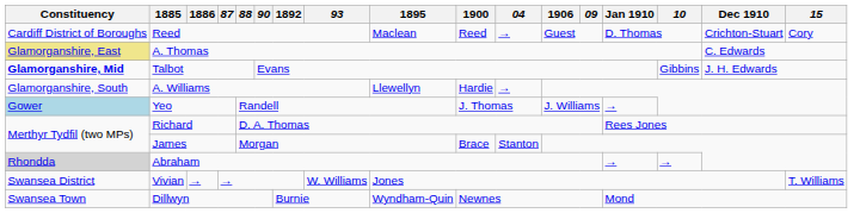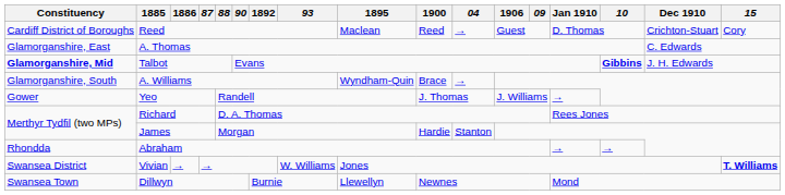 <table class="wikitable">
 <tr>
 <th>Constituency</th>
 <th>1885</th>
 <th>1886</th>
 <th><em>87</em></th>
 <th><em>88</em></th>
 <th><em>90</em></th>
 <th>1892</th>
 <th><em>93</em></th>
 <th>1895</th>
 <th>1900</th>
 <th><em>04</em></th>
 <th>1906</th>
 <th><em>09</em></th>
 <th>Jan 1910</th>
 <th><em>10</em></th>
 <th>Dec 1910</th>
 <th><em>15</em></th>
 </tr>
 <tr>
 <td><a href='#'>Cardiff District of Boroughs</a></td>
 <td colspan="7"><a href='#'>Reed</a></td>
 <td><a href='#'>Maclean</a></td>
 <td><a href='#'>Reed</a></td>
 <td><a href='#'>→</a></td>
 <td colspan="2"><a href='#'>Guest</a></td>
 <td colspan="2"><a href='#'>D. Thomas</a></td>
 <td><a href='#'>Crichton-Stuart</a></td>
 <td><a href='#'>Cory</a></td>
 </tr>
 <tr>
-<td style="background: khaki;"><a href='#'>Glamorganshire, East</a></td>
+<td><a href='#'>Glamorganshire, East</a></td>
 <td colspan="14"><a href='#'>A. Thomas</a></td>
 <td colspan="2"><a href='#'>C. Edwards</a></td>
 </tr>
 <tr>
 <td><strong><a href='#'>Glamorganshire, Mid</a></strong></td>
 <td colspan="4"><a href='#'>Talbot</a></td>
 <td colspan="9"><a href='#'>Evans</a></td>
-<td><a href='#'>Gibbins</a></td>
+<td><strong><a href='#'>Gibbins</a></strong></td>
 <td colspan="2"><a href='#'>J. H. Edwards</a></td>
 </tr>
 <tr>
 <td><a href='#'>Glamorganshire, South</a></td>
 <td colspan="7"><a href='#'>A. Williams</a></td>
-<td><a href='#'>Llewellyn</a></td>
-<td><a href='#'>Hardie</a></td>
+<td><a href='#'>Wyndham-Quin</a></td>
+<td><a href='#'>Brace</a></td>
 <td><a href='#'>→</a></td>
 </tr>
 <tr>
-<td style="background: lightblue;"><a href='#'>Gower</a></td>
+<td><a href='#'>Gower</a></td>
 <td colspan="3"><a href='#'>Yeo</a></td>
 <td colspan="5"><a href='#'>Randell</a></td>
 <td colspan="2"><a href='#'>J. Thomas</a></td>
 <td colspan="2"><a href='#'>J. Williams</a></td>
 <td><a href='#'>→</a></td>
 </tr>
 <tr>
 <td rowspan="2"><a href='#'>Merthyr Tydfil</a> (two MPs)</td>
 <td colspan="3"><a href='#'>Richard</a></td>
 <td colspan="9"><a href='#'>D. A. Thomas</a></td>
 <td colspan="4"><a href='#'>Rees Jones</a></td>
 </tr>
 <tr>
 <td colspan="3"><a href='#'>James</a></td>
 <td colspan="5"><a href='#'>Morgan</a></td>
-<td><a href='#'>Brace</a></td>
+<td><a href='#'>Hardie</a></td>
 <td><a href='#'>Stanton</a></td>
 </tr>
 <tr>
-<td style="background: lightgrey;"><a href='#'>Rhondda</a></td>
+<td><a href='#'>Rhondda</a></td>
 <td colspan="12"><a href='#'>Abraham</a></td>
 <td><a href='#'>→</a></td>
 <td bgcolor=><a href='#'>→</a></td>
 </tr>
 <tr>
 <td><a href='#'>Swansea District</a></td>
 <td bgcolor=><a href='#'>Vivian</a></td>
 <td><a href='#'>→</a></td>
 <td colspan="4"><a href='#'>→</a></td>
 <td bgcolor=><a href='#'>W. Williams</a></td>
 <td colspan="8"><a href='#'>Jones</a></td>
-<td bgcolor=><a href='#'>T. Williams</a></td>
+<td bgcolor=><strong><a href='#'>T. Williams</a></strong></td>
 </tr>
 <tr>
 <td><a href='#'>Swansea Town</a></td>
 <td colspan="5"><a href='#'>Dillwyn</a></td>
 <td colspan="2"><a href='#'>Burnie</a></td>
-<td><a href='#'>Wyndham-Quin</a></td>
+<td><a href='#'>Llewellyn</a></td>
 <td colspan="4"><a href='#'>Newnes</a></td>
 <td colspan="4"><a href='#'>Mond</a></td>
 </tr>
 </table>
